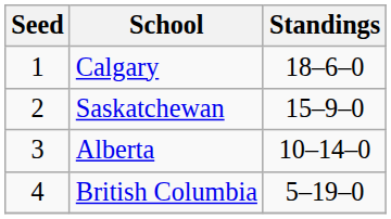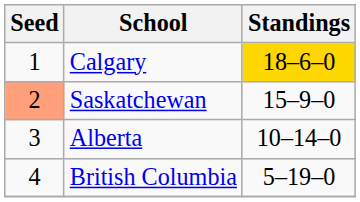 <table class="wikitable">
 <tr>
 <th>Seed</th>
 <th>School</th>
 <th>Standings</th>
 </tr>
 <tr>
 <td align=center>1</td>
 <td><a href='#'>Calgary</a></td>
-<td align=center>18–6–0</td>
+<td align=center style="background: gold;">18–6–0</td>
 </tr>
 <tr>
-<td align=center>2</td>
+<td align=center style="background: lightsalmon;">2</td>
 <td><a href='#'>Saskatchewan</a></td>
 <td align=center>15–9–0</td>
 </tr>
 <tr>
 <td align=center>3</td>
 <td><a href='#'>Alberta</a></td>
 <td align=center>10–14–0</td>
 </tr>
 <tr>
 <td align=center>4</td>
 <td><a href='#'>British Columbia</a></td>
 <td align=center>5–19–0</td>
 </tr>
 <tr>
 </tr>
 </table>
